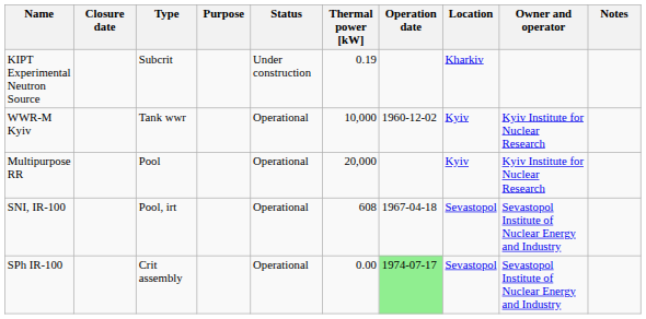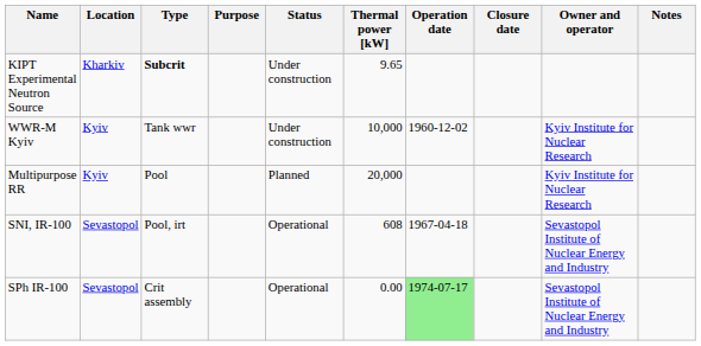 <table class="wikitable" >
 <tr valign="top">
 <th width="80">Name</th>
-<th width="78“">Closure date</th>
+<th width="65">Location</th>
 <th width="76">Type</th>
 <th width="65">Purpose</th>
 <th width="91">Status</th>
 <th width="70“">Thermal power [kW]</th>
 <th width=„67“>Operation date</th>
-<th width="65">Location</th>
+<th width="78“">Closure date</th>
 <th width="113“">Owner and operator</th>
 <th width="65">Notes</th>
 </tr>
 <tr valign="top">
 <td>KIPT Experimental Neutron Source</td>
-<td></td>
-<td>Subcrit</td>
+<td><a href='#'>Kharkiv</a></td>
+<td><strong>Subcrit</strong></td>
 <td></td>
 <td>Under construction</td>
-<td align="right">0.19</td>
+<td align="right">9.65</td>
 <td> </td>
-<td><a href='#'>Kharkiv</a></td>
+<td></td>
 <td></td>
 <td></td>
 </tr>
 <tr valign="top">
 <td>WWR-M Kyiv</td>
-<td></td>
+<td><a href='#'>Kyiv</a></td>
 <td>Tank wwr</td>
 <td></td>
-<td>Operational</td>
+<td>Under construction</td>
 <td align="right">10,000</td>
 <td>1960-12-02</td>
-<td><a href='#'>Kyiv</a></td>
+<td></td>
 <td><a href='#'>Kyiv Institute for Nuclear Research</a></td>
 <td></td>
 </tr>
 <tr valign="top">
 <td>Multipurpose RR</td>
-<td></td>
+<td><a href='#'>Kyiv</a></td>
 <td>Pool</td>
 <td></td>
-<td>Operational</td>
+<td>Planned</td>
 <td align="right">20,000</td>
 <td> </td>
-<td><a href='#'>Kyiv</a></td>
+<td></td>
 <td><a href='#'>Kyiv Institute for Nuclear Research</a></td>
 <td></td>
 </tr>
 <tr valign="top">
 <td>SNI, IR-100</td>
-<td></td>
+<td><a href='#'>Sevastopol</a></td>
 <td>Pool, irt</td>
 <td></td>
 <td>Operational</td>
 <td align="right">608</td>
 <td>1967-04-18</td>
-<td><a href='#'>Sevastopol</a></td>
+<td></td>
 <td><a href='#'>Sevastopol Institute of Nuclear Energy and Industry</a></td>
 <td></td>
 </tr>
 <tr valign="top">
 <td>SPh IR-100</td>
-<td></td>
+<td><a href='#'>Sevastopol</a></td>
 <td>Crit assembly</td>
 <td></td>
 <td>Operational</td>
 <td align="right">0.00</td>
 <td style="background: lightgreen;">1974-07-17</td>
-<td><a href='#'>Sevastopol</a></td>
+<td></td>
 <td><a href='#'>Sevastopol Institute of Nuclear Energy and Industry</a></td>
 <td></td>
 </tr>
 </table>
